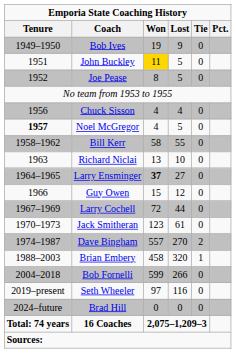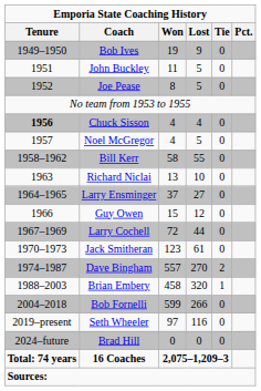 <table class="wikitable" style="float:right; font-size:85%; clear:right; margin:0 0 1em 1em;">
 <tr>
 <td colspan="6" style="text-align:center; font-size:100%; "><strong>Emporia State Coaching History</strong></td>
 </tr>
 <tr>
 <th>Tenure</th>
 <th>Coach</th>
 <th>Won</th>
 <th>Lost</th>
 <th>Tie</th>
 <th>Pct.</th>
 </tr>
 <tr style="text-align:center; background:silver;">
 <td>1949–1950</td>
 <td><a href='#'>Bob Ives</a></td>
 <td>19</td>
 <td>9</td>
 <td>0</td>
 <td></td>
 </tr>
 <tr style="text-align:center;">
 <td>1951</td>
 <td><a href='#'>John Buckley</a></td>
-<td style="background: gold;">11</td>
+<td>11</td>
 <td>5</td>
 <td>0</td>
 <td></td>
 </tr>
 <tr style="text-align:center; background:silver;">
 <td>1952</td>
 <td><a href='#'>Joe Pease</a></td>
 <td>8</td>
 <td>5</td>
 <td>0</td>
 <td></td>
 </tr>
 <tr style="text-align:center;">
 <td colspan=6><em>No team from 1953 to 1955</em></td>
 </tr>
 <tr style="text-align:center; background:silver;">
-<td>1956</td>
+<td><strong>1956</strong></td>
 <td><a href='#'>Chuck Sisson</a></td>
 <td>4</td>
 <td>4</td>
 <td>0</td>
 <td></td>
 </tr>
 <tr style="text-align:center;">
-<td><strong>1957</strong></td>
+<td>1957</td>
 <td><a href='#'>Noel McGregor</a></td>
 <td>4</td>
 <td>5</td>
 <td>0</td>
 <td></td>
 </tr>
 <tr style="text-align:center; background:silver;">
 <td>1958–1962</td>
 <td><a href='#'>Bill Kerr</a></td>
 <td>58</td>
 <td>55</td>
 <td>0</td>
 <td></td>
 </tr>
 <tr style="text-align:center;">
 <td>1963</td>
 <td><a href='#'>Richard Niclai</a></td>
 <td>13</td>
 <td>10</td>
 <td>0</td>
 <td></td>
 </tr>
 <tr style="text-align:center; background:silver;">
 <td>1964–1965</td>
 <td><a href='#'>Larry Ensminger</a></td>
-<td><strong>37</strong></td>
+<td>37</td>
 <td>27</td>
 <td>0</td>
 <td></td>
 </tr>
 <tr style="text-align:center;">
 <td>1966</td>
 <td><a href='#'>Guy Owen</a></td>
 <td>15</td>
 <td>12</td>
 <td>0</td>
 <td></td>
 </tr>
 <tr style="text-align:center; background:silver;">
 <td>1967–1969</td>
 <td><a href='#'>Larry Cochell</a></td>
 <td>72</td>
 <td>44</td>
 <td>0</td>
 <td></td>
 </tr>
 <tr style="text-align:center;">
 <td>1970–1973</td>
 <td><a href='#'>Jack Smitheran</a></td>
 <td>123</td>
 <td>61</td>
 <td>0</td>
 <td></td>
 </tr>
 <tr style="text-align:center; background:silver;">
 <td>1974–1987</td>
 <td><a href='#'>Dave Bingham</a></td>
 <td>557</td>
 <td>270</td>
 <td>2</td>
 <td></td>
 </tr>
 <tr style="text-align:center;">
 <td>1988–2003</td>
 <td><a href='#'>Brian Embery</a></td>
 <td>458</td>
 <td>320</td>
 <td>1</td>
 <td></td>
 </tr>
 <tr style="text-align:center; background:silver;">
 <td>2004–2018</td>
 <td><a href='#'>Bob Fornelli</a></td>
 <td>599</td>
 <td>266</td>
 <td>0</td>
 <td></td>
 </tr>
 <tr style="text-align:center;">
 <td>2019–present</td>
 <td><a href='#'>Seth Wheeler</a></td>
 <td>97</td>
 <td>116</td>
 <td>0</td>
 <td></td>
 </tr>
 <tr style="text-align:center; background:silver;">
 <td>2024–future</td>
 <td><a href='#'>Brad Hill</a></td>
 <td>0</td>
 <td>0</td>
 <td>0</td>
 <td></td>
 </tr>
 <tr align=center>
 <td><strong>Total: 74 years</strong></td>
 <td><strong>16 Coaches</strong></td>
 <td colspan=3><strong>2,075–1,209–3</strong></td>
 <td><strong></strong></td>
 </tr>
 <tr>
 <td colspan="6"><strong>Sources:</strong> </td>
 </tr>
 </table>
